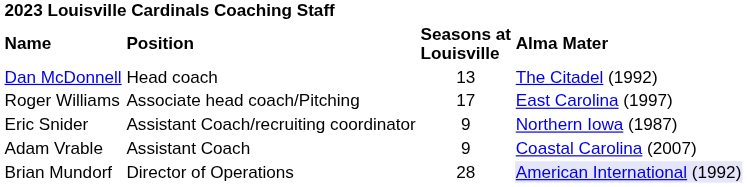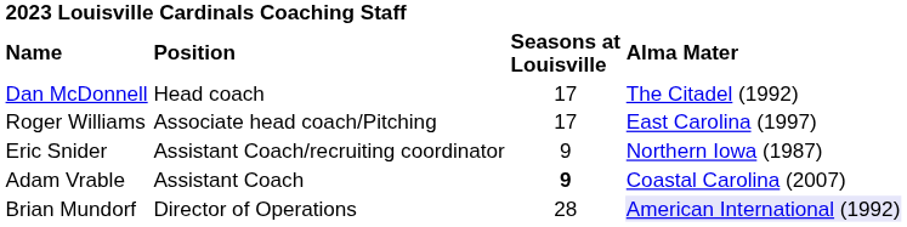 <table class="toccolours" style="text-align: left; font-size:90%;">
 <tr>
 <th colspan="9">2023 Louisville Cardinals Coaching Staff</th>
 </tr>
 <tr>
 <th>Name</th>
 <th>Position</th>
 <th>Seasons at<br>Louisville</th>
 <th>Alma Mater</th>
 </tr>
 <tr>
 <td><a href='#'>Dan McDonnell</a></td>
 <td>Head coach</td>
-<td align=center>13</td>
+<td align=center>17</td>
 <td><a href='#'>The Citadel</a> (1992)</td>
 </tr>
 <tr>
 <td>Roger Williams</td>
 <td>Associate head coach/Pitching</td>
 <td align=center>17</td>
 <td><a href='#'>East Carolina</a> (1997)</td>
 </tr>
 <tr>
 <td>Eric Snider</td>
 <td>Assistant Coach/recruiting coordinator</td>
 <td align=center>9</td>
 <td><a href='#'>Northern Iowa</a> (1987)</td>
 </tr>
 <tr>
 <td>Adam Vrable</td>
 <td>Assistant Coach</td>
-<td align=center>9</td>
+<td align=center><strong>9</strong></td>
 <td><a href='#'>Coastal Carolina</a> (2007)</td>
 </tr>
 <tr>
 <td>Brian Mundorf</td>
 <td>Director of Operations</td>
 <td align=center>28</td>
 <td style="background: lavender;"><a href='#'>American International</a> (1992)</td>
 </tr>
 </table>
